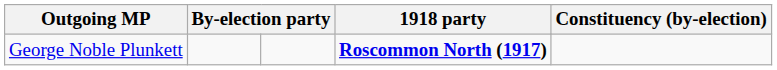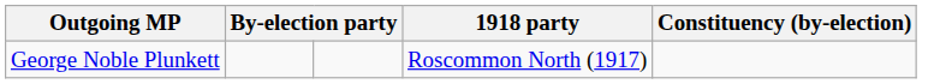 <table class="wikitable sortable">
 <tr>
 <th>Outgoing MP</th>
 <th colspan="2">By-election party</th>
 <th colspan="2">1918 party</th>
 <th>Constituency (by-election)</th>
 </tr>
 <tr>
 <td><a href='#'>George Noble Plunkett</a></td>
 <td></td>
 <td></td>
-<td><strong><a href='#'>Roscommon North</a> (<a href='#'>1917</a>)</strong></td>
+<td><a href='#'>Roscommon North</a> (<a href='#'>1917</a>)</td>
 </tr>
 </table>
